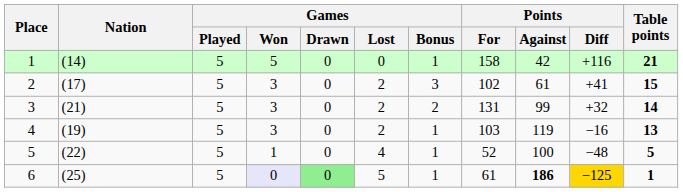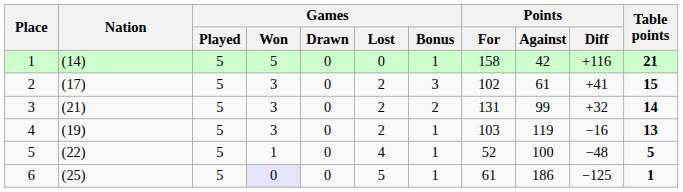 <table class="wikitable" style="text-align:center">
 <tr>
 <th rowspan=2 width="8%">Place</th>
 <th rowspan=2 width="20%">Nation</th>
 <th colspan=5 width="40%">Games</th>
 <th colspan=3 width="24%">Points</th>
 <th rowspan=2 width="10%">Table<br>points</th>
 </tr>
 <tr>
 <th width="8%">Played</th>
 <th width="8%">Won</th>
 <th width="8%">Drawn</th>
 <th width="8%">Lost</th>
 <th width="8%">Bonus</th>
 <th width="8%">For</th>
 <th width="8%">Against</th>
 <th width="8%">Diff</th>
 </tr>
 <tr bgcolor="#ccffcc">
 <td>1</td>
 <td align=left> (14)</td>
 <td>5</td>
 <td>5</td>
 <td>0</td>
 <td>0</td>
 <td>1</td>
 <td>158</td>
 <td>42</td>
 <td>+116</td>
 <td><strong>21</strong></td>
 </tr>
 <tr>
 <td>2</td>
 <td align=left> (17)</td>
 <td>5</td>
 <td>3</td>
 <td>0</td>
 <td>2</td>
 <td>3</td>
 <td>102</td>
 <td>61</td>
 <td>+41</td>
 <td><strong>15</strong></td>
 </tr>
 <tr>
 <td>3</td>
 <td align=left> (21)</td>
 <td>5</td>
 <td>3</td>
 <td>0</td>
 <td>2</td>
 <td>2</td>
 <td>131</td>
 <td>99</td>
 <td>+32</td>
 <td><strong>14</strong></td>
 </tr>
 <tr>
 <td>4</td>
 <td align=left> (19)</td>
 <td>5</td>
 <td>3</td>
 <td>0</td>
 <td>2</td>
 <td>1</td>
 <td>103</td>
 <td>119</td>
 <td>−16</td>
 <td><strong>13</strong></td>
 </tr>
 <tr>
 <td>5</td>
 <td align=left> (22)</td>
 <td>5</td>
 <td>1</td>
 <td>0</td>
 <td>4</td>
 <td>1</td>
 <td>52</td>
 <td>100</td>
 <td>−48</td>
 <td><strong>5</strong></td>
 </tr>
 <tr>
 <td>6</td>
 <td align=left> (25)</td>
 <td>5</td>
 <td style="background: lavender;">0</td>
-<td style="background: lightgreen;">0</td>
+<td>0</td>
 <td>5</td>
 <td>1</td>
 <td>61</td>
-<td><strong>186</strong></td>
-<td style="background: gold;">−125</td>
+<td>186</td>
+<td>−125</td>
 <td><strong>1</strong></td>
 </tr>
 </table>
